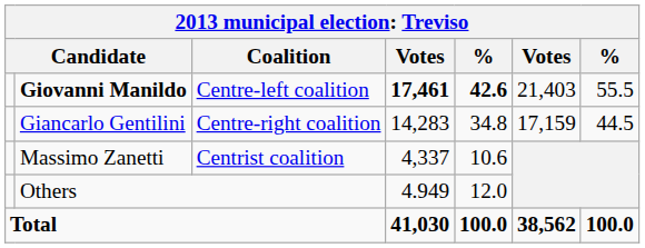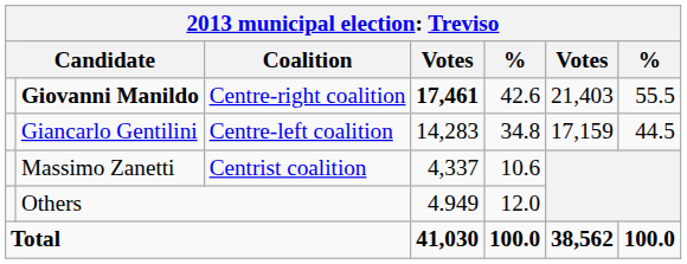 <table class=wikitable style=text-align:right>
 <tr>
 <th colspan=7><a href='#'>2013 municipal election</a>: <a href='#'>Treviso</a></th>
 </tr>
 <tr>
 <th colspan=2>Candidate</th>
 <th>Coalition</th>
 <th>Votes</th>
 <th>%</th>
 <th>Votes</th>
 <th>%</th>
 </tr>
 <tr>
 <td></td>
 <td align=left><strong>Giovanni Manildo</strong></td>
-<td align=left><a href='#'>Centre-left coalition</a></td>
+<td align=left><a href='#'>Centre-right coalition</a></td>
 <td><strong>17,461</strong></td>
-<td><strong>42.6</strong></td>
+<td>42.6</td>
 <td>21,403</td>
 <td>55.5</td>
 </tr>
 <tr>
 <td></td>
 <td align=left><a href='#'>Giancarlo Gentilini</a></td>
-<td align=left><a href='#'>Centre-right coalition</a></td>
+<td align=left><a href='#'>Centre-left coalition</a></td>
 <td>14,283</td>
 <td>34.8</td>
 <td>17,159</td>
 <td>44.5</td>
 </tr>
 <tr>
 <td></td>
 <td align=left>Massimo Zanetti</td>
 <td align=left><a href='#'>Centrist coalition</a></td>
 <td>4,337</td>
 <td>10.6</td>
 <th rowspan=2 colspan=2></th>
 </tr>
 <tr>
 <td></td>
 <td align=left colspan=2>Others</td>
 <td>4.949</td>
 <td>12.0</td>
 </tr>
 <tr>
 <td align=left colspan=3><strong>Total</strong></td>
 <td><strong>41,030</strong></td>
 <td><strong>100.0</strong></td>
 <td><strong>38,562</strong></td>
 <td><strong>100.0</strong></td>
 </tr>
 </table>
